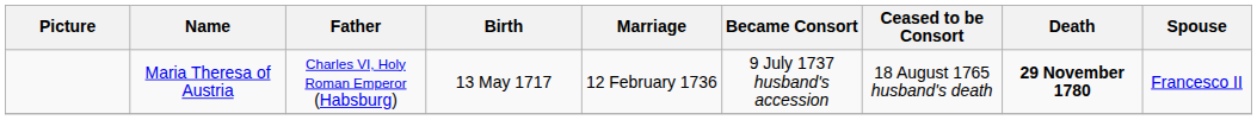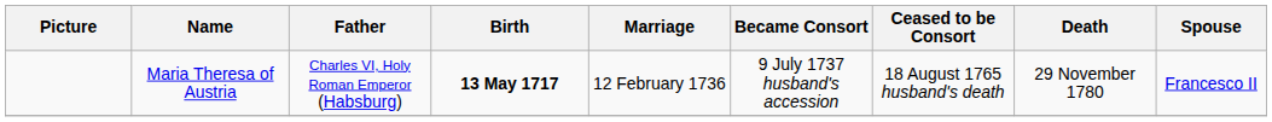 <table width=95% class="wikitable">
 <tr>
 <th width = "8%">Picture</th>
 <th width = "10%">Name</th>
 <th width = "9%">Father</th>
 <th width = "10%">Birth</th>
 <th width = "9%">Marriage</th>
 <th width = "9%">Became Consort</th>
 <th width = "9%">Ceased to be Consort</th>
 <th width = "9%">Death</th>
 <th width = "7%">Spouse</th>
 </tr>
 <tr>
 <td align=center></td>
 <td align=center><a href='#'>Maria Theresa of Austria</a></td>
 <td style="text-align:center;"><small><a href='#'>Charles VI, Holy Roman Emperor</a></small><br>(<a href='#'>Habsburg</a>)</td>
-<td style="text-align:center;">13 May 1717</td>
+<td style="text-align:center;"><strong>13 May 1717</strong></td>
 <td style="text-align:center;">12 February 1736</td>
 <td style="text-align:center;">9 July 1737<br><em>husband's accession</em></td>
 <td style="text-align:center;">18 August 1765<br><em>husband's death</em></td>
-<td style="text-align:center;"><strong>29 November 1780</strong></td>
+<td style="text-align:center;">29 November 1780</td>
 <td style="text-align:center;"><a href='#'>Francesco II</a></td>
 </tr>
 <tr>
 </tr>
 </table>
